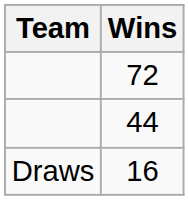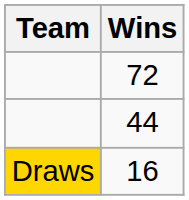 <table class="wikitable" style="font-size: 97%;">
 <tr>
 <th>Team</th>
 <th>Wins</th>
 </tr>
 <tr>
 <td></td>
 <td align=center>72</td>
 </tr>
 <tr>
 <td></td>
 <td align=center>44</td>
 </tr>
 <tr>
-<td>Draws</td>
+<td style="background: gold;">Draws</td>
 <td align=center>16</td>
 </tr>
 </table>
